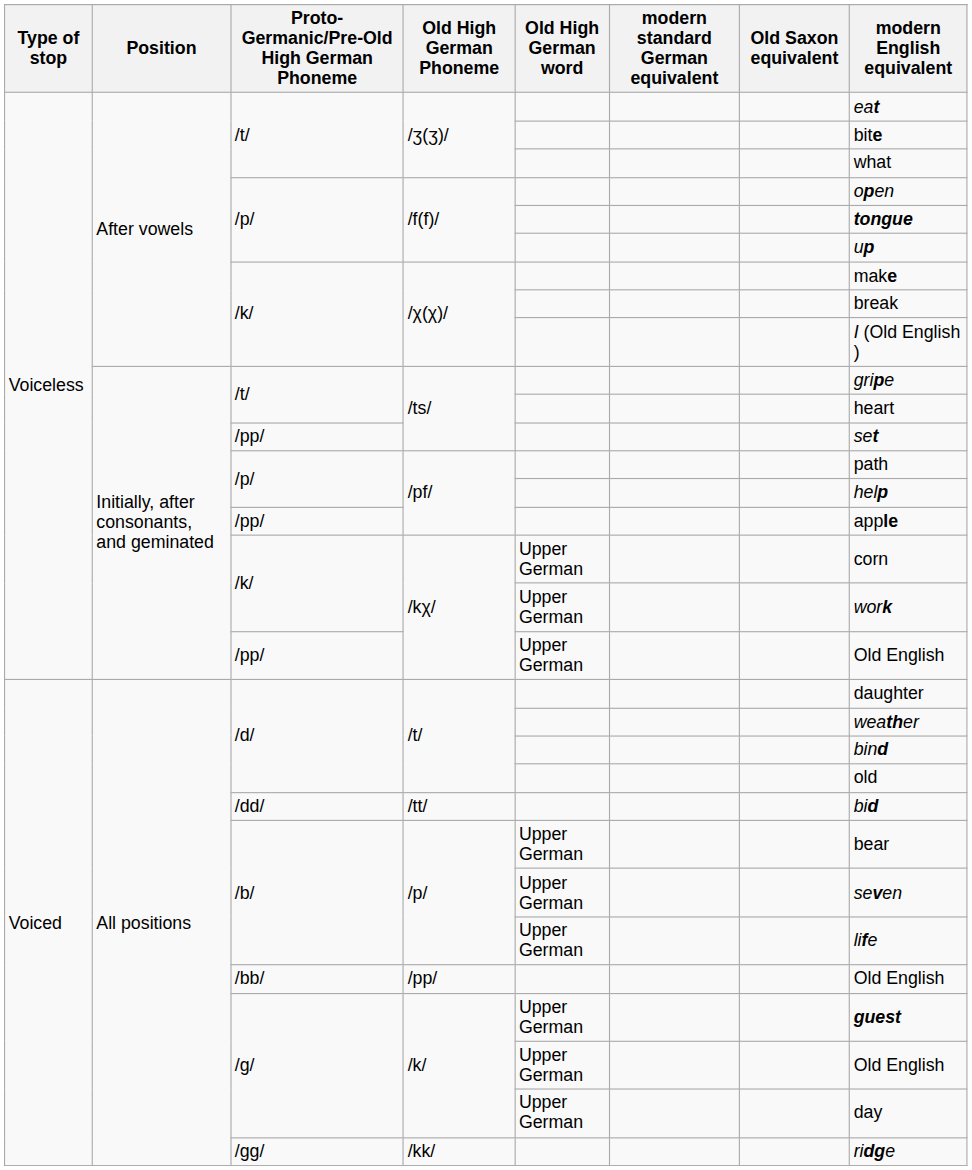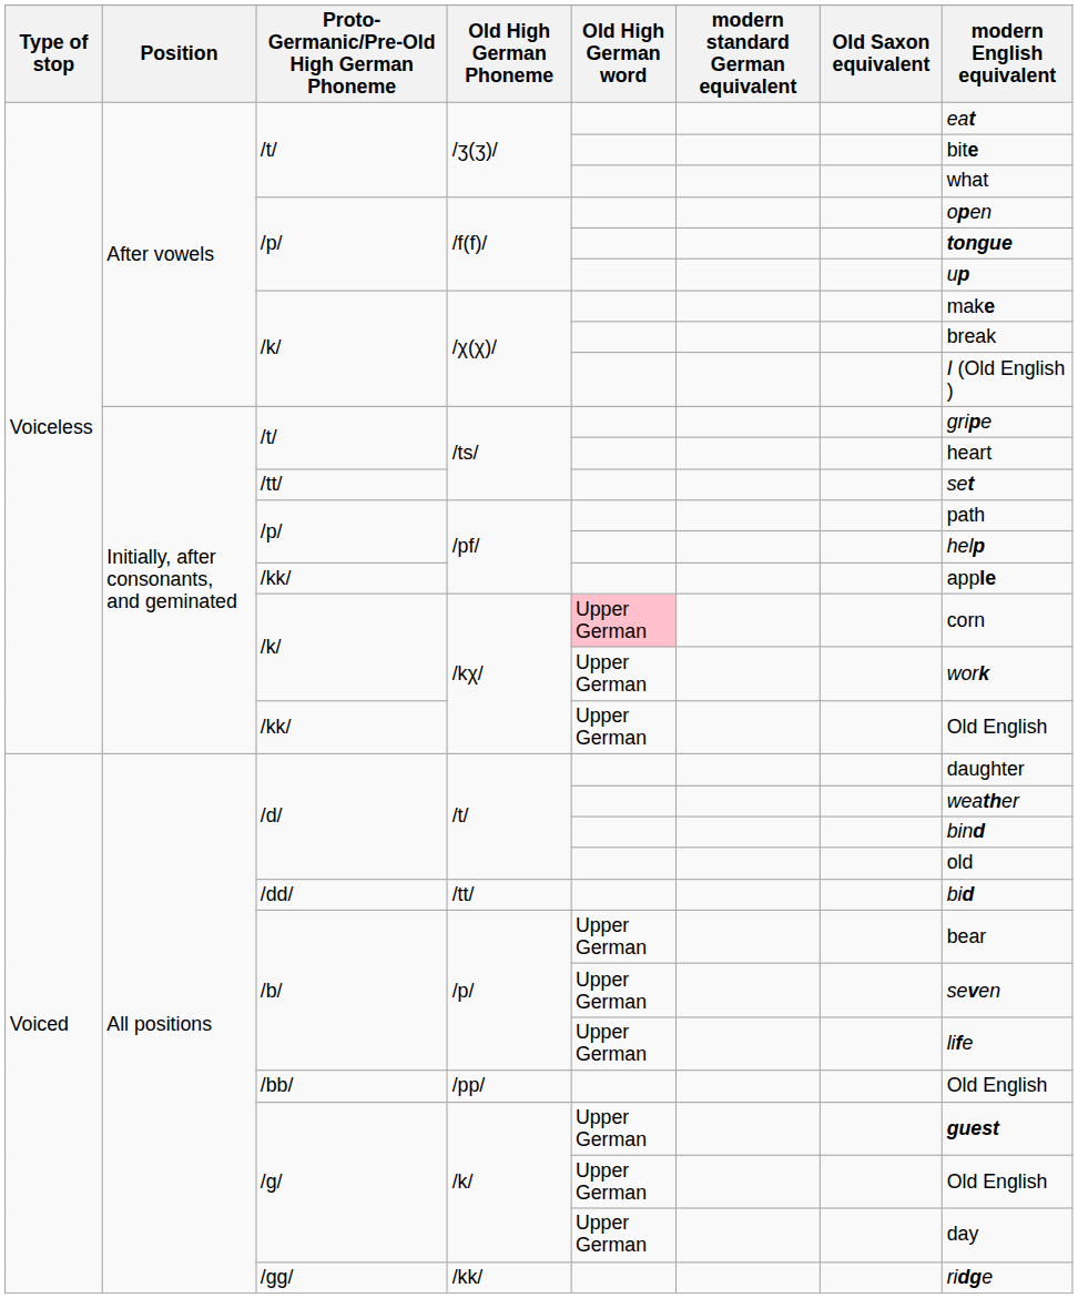 <table class="wikitable">
 <tr>
 </tr>
 <tr>
 <th>Type of stop</th>
 <th>Position</th>
 <th>Proto-Germanic/Pre-Old High German Phoneme</th>
 <th>Old High German Phoneme</th>
 <th>Old High German word</th>
 <th>modern standard German equivalent</th>
 <th>Old Saxon equivalent</th>
 <th>modern English equivalent</th>
 </tr>
 <tr>
 <td rowspan="18">Voiceless</td>
 <td rowspan="9">After vowels</td>
 <td rowspan="3">/t/</td>
 <td rowspan="3">/ʒ(ʒ)/</td>
 <td></td>
 <td></td>
 <td></td>
 <td><em>ea<strong>t<strong><em></td>
 </tr>
 <tr>
 <td></td>
 <td></td>
 <td></td>
 <td></em>bi</strong>t<strong>e<em></td>
 </tr>
 <tr>
 <td></td>
 <td></td>
 <td></td>
 <td></em>wha</strong>t</em></strong></td>
 </tr>
 <tr>
 <td rowspan="3">/p/</td>
 <td rowspan="3">/f(f)/</td>
 <td></td>
 <td></td>
 <td></td>
 <td><em>o<strong>p</strong>en</em></td>
 </tr>
 <tr>
 <td></td>
 <td></td>
 <td></td>
 <td><strong><em>t<strong>ongue<em></td>
 </tr>
 <tr>
 <td></td>
 <td></td>
 <td></td>
 <td><em>u<strong>p<strong><em></td>
 </tr>
 <tr>
 <td rowspan="3">/k/</td>
 <td rowspan="3">/χ(χ)/</td>
 <td></td>
 <td></td>
 <td></td>
 <td></em>ma</strong>k<strong>e<em></td>
 </tr>
 <tr />
 <td></td>
 <td></td>
 <td></td>
 <td></em>brea</strong>k</em></strong></td>
 </tr>
 <tr>
 <td></td>
 <td></td>
 <td></td>
 <td><em>I</em> (Old English )</td>
 </tr>
 <tr>
 <td rowspan="9">Initially, after consonants, and geminated</td>
 <td rowspan="2">/t/</td>
 <td rowspan="3">/ts/</td>
 <td></td>
 <td></td>
 <td></td>
 <td><em>gri<strong>p</strong>e</em></td>
 </tr>
 <tr>
 <td></td>
 <td></td>
 <td></td>
 <td></em>hear</strong>t</em></strong></td>
 </tr>
 <tr>
-<td>/pp/</td>
+<td>/tt/</td>
 <td></td>
 <td></td>
 <td></td>
 <td><em>se<strong>t<strong><em></td>
 </tr>
 <tr>
 <td rowspan="2">/p/</td>
 <td rowspan="3">/pf/</td>
 <td></td>
 <td></td>
 <td></td>
 <td></em></strong>p</strong>ath</em></td>
 </tr>
 <tr>
 <td></td>
 <td></td>
 <td></td>
 <td><em>hel<strong>p<strong><em></td>
 </tr>
 <tr>
-<td>/pp/</td>
+<td>/kk/</td>
 <td></td>
 <td></td>
 <td></td>
 <td></em>a</strong>pp<strong>le<em></td>
 </tr>
 <tr>
 <td rowspan="2">/k/</td>
 <td rowspan="3">/kχ/</td>
-<td>Upper German </td>
+<td style="background: pink;">Upper German </td>
 <td></td>
 <td></td>
 <td><strong></em></strong>c</strong>orn</em></strong></td>
 </tr>
 <tr>
 <td>Upper German </td>
 <td></td>
 <td></td>
 <td><em>wor<strong>k<strong><em></td>
 </tr>
 <tr>
-<td>/pp/</td>
+<td>/kk/</td>
 <td>Upper German </td>
 <td></td>
 <td></td>
 <td>Old English </td>
 </tr>
 <tr>
 <td rowspan="13">Voiced</td>
 <td rowspan="13">All positions</td>
 <td rowspan="4">/d/</td>
 <td rowspan="4">/t/</td>
 <td></td>
 <td></td>
 <td></td>
 <td></em></strong>d</strong>aughter</em></td>
 </tr>
 <tr>
 <td></td>
 <td></td>
 <td></td>
 <td><em>wea<strong>th</strong>er</em></td>
 </tr>
 <tr>
 <td></td>
 <td></td>
 <td></td>
 <td><em>bin<strong>d<strong><em></td>
 </tr>
 <tr>
 <td></td>
 <td></td>
 <td></td>
 <td></em>ol</strong>d</em></strong></td>
 </tr>
 <tr>
 <td>/dd/</td>
 <td>/tt/</td>
 <td></td>
 <td></td>
 <td></td>
 <td><em>bi<strong>d<strong><em></td>
 </tr>
 <tr>
 <td rowspan="3">/b/</td>
 <td rowspan="3">/p/</td>
 <td>Upper German </td>
 <td></td>
 <td></td>
 <td></em></strong>b</strong>ear</em></td>
 </tr>
 <tr>
 <td>Upper German </td>
 <td></td>
 <td></td>
 <td><em>se<strong>v</strong>en</em></td>
 </tr>
 <tr>
 <td>Upper German </td>
 <td></td>
 <td></td>
 <td><em>li<strong>f</strong>e</em></td>
 </tr>
 <tr>
 <td>/bb/</td>
 <td>/pp/</td>
 <td></td>
 <td></td>
 <td></td>
 <td>Old English </td>
 </tr>
 <tr>
 <td rowspan="3">/g/</td>
 <td rowspan="3">/k/</td>
 <td>Upper German </td>
 <td></td>
 <td></td>
 <td><strong><em>g<strong>uest<em></td>
 </tr>
 <tr>
 <td>Upper German </td>
 <td></td>
 <td></td>
 <td>Old English </td>
 </tr>
 <tr>
 <td>Upper German </td>
 <td></td>
 <td></td>
 <td></em>da</strong>y</em></strong></td>
 </tr>
 <tr>
 <td>/gg/</td>
 <td>/kk/</td>
 <td></td>
 <td></td>
 <td></td>
 <td><em>ri<strong>dg</strong>e</em></td>
 </tr>
 </table>
